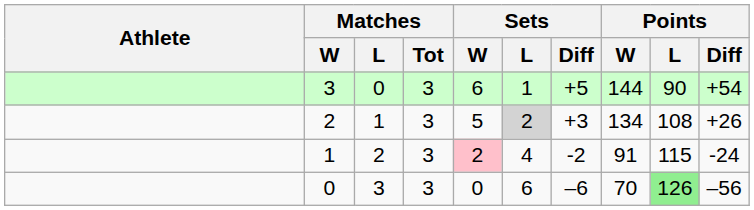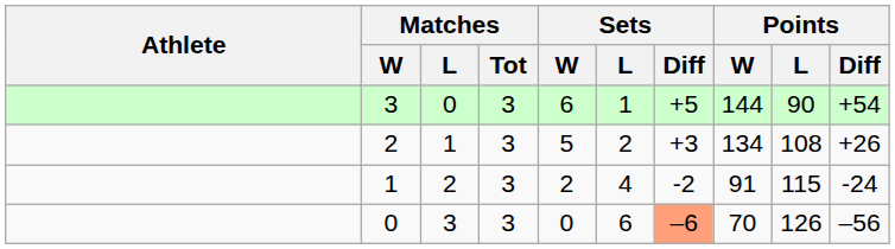 <table class=wikitable style="text-align:center">
 <tr>
 <th rowspan=2 width=220>Athlete</th>
 <th colspan=3 width=90>Matches</th>
 <th colspan=3 width=90>Sets</th>
 <th colspan=3 width=90>Points</th>
 </tr>
 <tr>
 <th width=30>W</th>
 <th width=30>L</th>
 <th width=30>Tot</th>
 <th width=30>W</th>
 <th width=30>L</th>
 <th width=30>Diff</th>
 <th width=30>W</th>
 <th width=30>L</th>
 <th width=30>Diff</th>
 </tr>
 <tr bgcolor=ccffcc>
 <td style="text-align:left"></td>
 <td>3</td>
 <td>0</td>
 <td>3</td>
 <td>6</td>
 <td>1</td>
 <td>+5</td>
 <td>144</td>
 <td>90</td>
 <td>+54</td>
 </tr>
 <tr>
 <td style="text-align:left"></td>
 <td>2</td>
 <td>1</td>
 <td>3</td>
 <td>5</td>
-<td style="background: lightgrey;">2</td>
+<td>2</td>
 <td>+3</td>
 <td>134</td>
 <td>108</td>
 <td>+26</td>
 </tr>
 <tr>
 <td style="text-align:left"></td>
 <td>1</td>
 <td>2</td>
 <td>3</td>
-<td style="background: pink;">2</td>
+<td>2</td>
 <td>4</td>
 <td>-2</td>
 <td>91</td>
 <td>115</td>
 <td>-24</td>
 </tr>
 <tr>
 <td style="text-align:left"></td>
 <td>0</td>
 <td>3</td>
 <td>3</td>
 <td>0</td>
 <td>6</td>
-<td>–6</td>
+<td style="background: lightsalmon;">–6</td>
 <td>70</td>
-<td style="background: lightgreen;">126</td>
+<td>126</td>
 <td>–56</td>
 </tr>
 </table>
